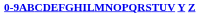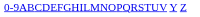 <table id="toc" class="toc" summary="Class">
 <tr>
 <th></th>
 </tr>
 <tr>
-<td style="text-align:center;"><strong><a href='#'>0-9</a><a href='#'>A</a><a href='#'>B</a><a href='#'>C</a><a href='#'>D</a><a href='#'>E</a><a href='#'>F</a><a href='#'>G</a><a href='#'>H</a><a href='#'>I</a><a href='#'>L</a><a href='#'>M</a><a href='#'>N</a><a href='#'>O</a><a href='#'>P</a><a href='#'>Q</a><a href='#'>R</a><a href='#'>S</a><a href='#'>T</a><a href='#'>U</a><a href='#'>V</a> <a href='#'>Y</a> <a href='#'>Z</a></strong></td>
+<td style="text-align:center;"><a href='#'>0-9</a><a href='#'>A</a><a href='#'>B</a><a href='#'>C</a><a href='#'>D</a><a href='#'>E</a><a href='#'>F</a><a href='#'>G</a><a href='#'>H</a><a href='#'>I</a><a href='#'>L</a><a href='#'>M</a><a href='#'>N</a><a href='#'>O</a><a href='#'>P</a><a href='#'>Q</a><a href='#'>R</a><a href='#'>S</a><a href='#'>T</a><a href='#'>U</a><a href='#'>V</a> <a href='#'>Y</a> <a href='#'>Z</a></td>
 </tr>
 </table>
